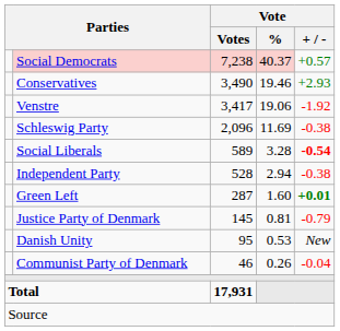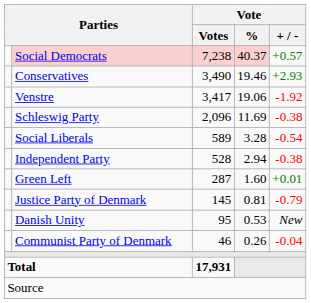 <table class="wikitable" style="text-align:right;">
 <tr>
 <th style="text-align:centre;" rowspan="2" colspan="2" width="225">Parties</th>
 <th colspan="3">Vote</th>
 </tr>
 <tr>
 <th width="15">Votes</th>
 <th width="15">%</th>
 <th width="15">+ / -</th>
 </tr>
 <tr>
 <td width="2" style="color:inherit;background:"></td>
 <td bgcolor=#fbd0ce  align="left"><a href='#'>Social Democrats</a></td>
 <td bgcolor=#fbd0ce>7,238</td>
 <td bgcolor=#fbd0ce>40.37</td>
 <td style=color:green;>+0.57</td>
 </tr>
 <tr>
 <td width="2" style="color:inherit;background:"></td>
 <td align="left"><a href='#'>Conservatives</a></td>
 <td>3,490</td>
 <td>19.46</td>
 <td style=color:green;>+2.93</td>
 </tr>
 <tr>
 <td width="2" style="color:inherit;background:"></td>
 <td align="left"><a href='#'>Venstre</a></td>
 <td>3,417</td>
 <td>19.06</td>
 <td style=color:red;>-1.92</td>
 </tr>
 <tr>
 <td width="2" style="color:inherit;background:"></td>
 <td align="left"><a href='#'>Schleswig Party</a></td>
 <td>2,096</td>
 <td>11.69</td>
 <td style=color:red;>-0.38</td>
 </tr>
 <tr>
 <td width="2" style="color:inherit;background:"></td>
 <td align="left"><a href='#'>Social Liberals</a></td>
 <td>589</td>
 <td>3.28</td>
-<td style=color:red;><strong>-0.54</strong></td>
+<td style=color:red;>-0.54</td>
 </tr>
 <tr>
 <td width="2" style="color:inherit;background:"></td>
 <td align="left"><a href='#'>Independent Party</a></td>
 <td>528</td>
 <td>2.94</td>
 <td style=color:red;>-0.38</td>
 </tr>
 <tr>
 <td width="2" style="color:inherit;background:"></td>
 <td align="left"><a href='#'>Green Left</a></td>
 <td>287</td>
 <td>1.60</td>
-<td style=color:green;><strong>+0.01</strong></td>
+<td style=color:green;>+0.01</td>
 </tr>
 <tr>
 <td width="2" style="color:inherit;background:"></td>
 <td align="left"><a href='#'>Justice Party of Denmark</a></td>
 <td>145</td>
 <td>0.81</td>
 <td style=color:red;>-0.79</td>
 </tr>
 <tr>
 <td width="2" style="color:inherit;background:"></td>
 <td align="left"><a href='#'>Danish Unity</a></td>
 <td>95</td>
 <td>0.53</td>
 <td><em>New</em></td>
 </tr>
 <tr>
 <td width="2" style="color:inherit;background:"></td>
 <td align="left"><a href='#'>Communist Party of Denmark</a></td>
 <td>46</td>
 <td>0.26</td>
 <td style=color:red;>-0.04</td>
 </tr>
 <tr>
 <td colspan="7" bgcolor="#E9E9E9"></td>
 </tr>
 <tr>
 <td align="left" colspan="2"><strong>Total</strong></td>
 <td><strong>17,931</strong></td>
 <td bgcolor="#E9E9E9" colspan="2"></td>
 </tr>
 <tr>
 <td align="left" colspan="6">Source</td>
 </tr>
 </table>
